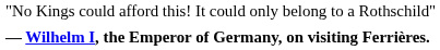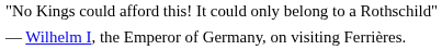 <table class="toccolours" style="float: right; margin-left: 1em; margin-right: 2em; font-size: 95%; background:#white; color:black; width:30em; max-width: 40%;" cellspacing="5">
 <tr>
 <td style="text-align: left;">"No Kings could afford this! It could only belong to a Rothschild"</td>
 </tr>
 <tr>
-<td style="text-align: left;"><strong>— <a href='#'>Wilhelm I</a>, the Emperor of Germany, on visiting Ferrières.</strong></td>
+<td style="text-align: left;">— <a href='#'>Wilhelm I</a>, the Emperor of Germany, on visiting Ferrières.</td>
 </tr>
 </table>
